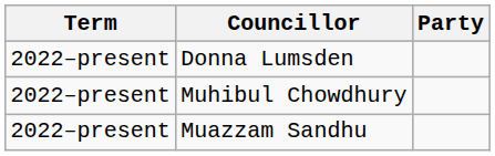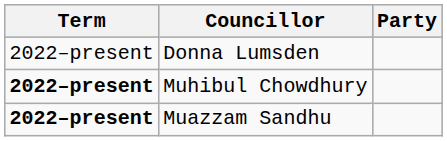 <table class="wikitable">
 <tr>
 <th>Term</th>
 <th>Councillor</th>
 <th colspan=2>Party</th>
 </tr>
 <tr>
 <td>2022–present</td>
 <td>Donna Lumsden</td>
 <td></td>
 </tr>
 <tr>
-<td>2022–present</td>
+<td><strong>2022–present</strong></td>
 <td>Muhibul Chowdhury</td>
 <td></td>
 </tr>
 <tr>
-<td>2022–present</td>
+<td><strong>2022–present</strong></td>
 <td>Muazzam Sandhu</td>
 <td></td>
 </tr>
 </table>
